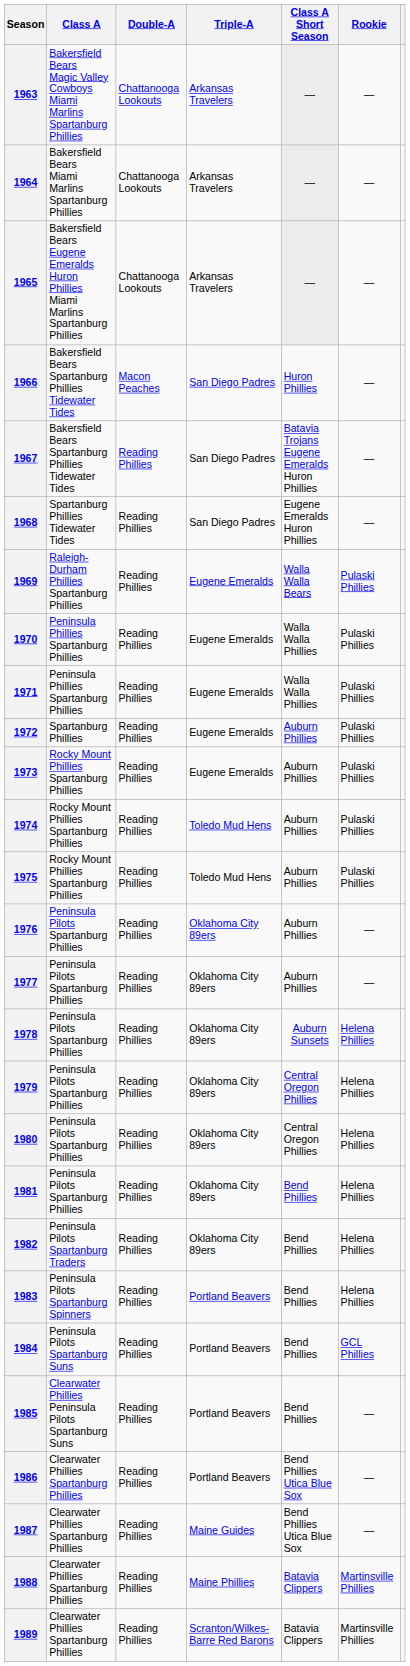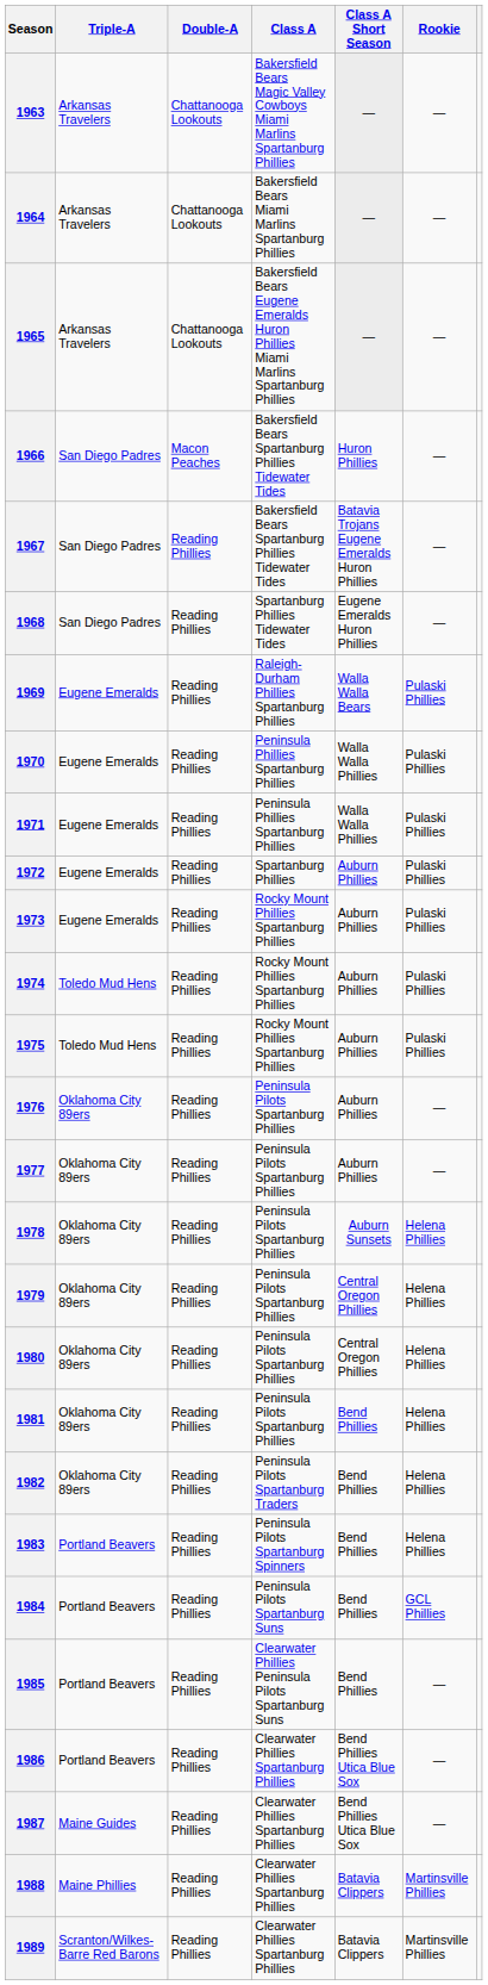 <table class="wikitable plainrowheaders">
 <tr>
 <th scope="col">Season</th>
+<th scope="col"><a href='#'><span>Triple-A</span></a></th>
+<th scope="col"><a href='#'><span>Double-A</span></a></th>
 <th scope="col"><a href='#'><span>Class A</span></a></th>
-<th scope="col"><a href='#'><span>Double-A</span></a></th>
-<th scope="col"><a href='#'><span>Triple-A</span></a></th>
 <th scope="col"><a href='#'><span>Class A Short Season</span></a></th>
 <th scope="col"><a href='#'><span>Rookie</span></a></th>
 <th scope="col"></th>
 </tr>
 <tr>
 <th scope="row" style="text-align:center"><a href='#'>1963</a></th>
+<td><a href='#'>Arkansas Travelers</a></td>
+<td><a href='#'>Chattanooga Lookouts</a></td>
 <td><a href='#'>Bakersfield Bears</a><br><a href='#'>Magic Valley Cowboys</a><br><a href='#'>Miami Marlins</a><br><a href='#'>Spartanburg Phillies</a></td>
-<td><a href='#'>Chattanooga Lookouts</a></td>
-<td><a href='#'>Arkansas Travelers</a></td>
 <td style="background:#ececec" align="center">—</td>
 <td align="center">—</td>
 <td align="center"></td>
 </tr>
 <tr>
 <th scope="row" style="text-align:center"><a href='#'>1964</a></th>
+<td>Arkansas Travelers</td>
+<td>Chattanooga Lookouts</td>
 <td>Bakersfield Bears<br>Miami Marlins<br>Spartanburg Phillies</td>
-<td>Chattanooga Lookouts</td>
-<td>Arkansas Travelers</td>
 <td style="background:#ececec" align="center">—</td>
 <td align="center">—</td>
 <td align="center"></td>
 </tr>
 <tr>
 <th scope="row" style="text-align:center"><a href='#'>1965</a></th>
+<td>Arkansas Travelers</td>
+<td>Chattanooga Lookouts</td>
 <td>Bakersfield Bears<br><a href='#'>Eugene Emeralds</a><br><a href='#'>Huron Phillies</a><br>Miami Marlins<br>Spartanburg Phillies</td>
-<td>Chattanooga Lookouts</td>
-<td>Arkansas Travelers</td>
 <td style="background:#ececec" align="center">—</td>
 <td align="center">—</td>
 <td align="center"></td>
 </tr>
 <tr>
 <th scope="row" style="text-align:center"><a href='#'>1966</a></th>
+<td><a href='#'>San Diego Padres</a></td>
+<td><a href='#'>Macon Peaches</a></td>
 <td>Bakersfield Bears<br>Spartanburg Phillies<br><a href='#'>Tidewater Tides</a></td>
-<td><a href='#'>Macon Peaches</a></td>
-<td><a href='#'>San Diego Padres</a></td>
 <td><a href='#'>Huron Phillies</a></td>
 <td align="center">—</td>
 <td align="center"></td>
 </tr>
 <tr>
 <th scope="row" style="text-align:center"><a href='#'>1967</a></th>
+<td>San Diego Padres</td>
+<td><a href='#'>Reading Phillies</a></td>
 <td>Bakersfield Bears<br>Spartanburg Phillies<br>Tidewater Tides</td>
-<td><a href='#'>Reading Phillies</a></td>
-<td>San Diego Padres</td>
 <td><a href='#'>Batavia Trojans</a><br><a href='#'>Eugene Emeralds</a><br>Huron Phillies</td>
 <td align="center">—</td>
 <td align="center"></td>
 </tr>
 <tr>
 <th scope="row" style="text-align:center"><a href='#'>1968</a></th>
+<td>San Diego Padres</td>
+<td>Reading Phillies</td>
 <td>Spartanburg Phillies<br>Tidewater Tides</td>
-<td>Reading Phillies</td>
-<td>San Diego Padres</td>
 <td>Eugene Emeralds<br>Huron Phillies</td>
 <td align="center">—</td>
 <td align="center"></td>
 </tr>
 <tr>
 <th scope="row" style="text-align:center"><a href='#'>1969</a></th>
+<td><a href='#'>Eugene Emeralds</a></td>
+<td>Reading Phillies</td>
 <td><a href='#'>Raleigh-Durham Phillies</a><br>Spartanburg Phillies</td>
-<td>Reading Phillies</td>
-<td><a href='#'>Eugene Emeralds</a></td>
 <td><a href='#'>Walla Walla Bears</a></td>
 <td><a href='#'>Pulaski Phillies</a></td>
 <td align="center"></td>
 </tr>
 <tr>
 <th scope="row" style="text-align:center"><a href='#'>1970</a></th>
+<td>Eugene Emeralds</td>
+<td>Reading Phillies</td>
 <td><a href='#'>Peninsula Phillies</a><br>Spartanburg Phillies</td>
-<td>Reading Phillies</td>
-<td>Eugene Emeralds</td>
 <td>Walla Walla Phillies</td>
 <td>Pulaski Phillies</td>
 <td align="center"></td>
 </tr>
 <tr>
 <th scope="row" style="text-align:center"><a href='#'>1971</a></th>
+<td>Eugene Emeralds</td>
+<td>Reading Phillies</td>
 <td>Peninsula Phillies<br>Spartanburg Phillies</td>
-<td>Reading Phillies</td>
-<td>Eugene Emeralds</td>
 <td>Walla Walla Phillies</td>
 <td>Pulaski Phillies</td>
 <td align="center"></td>
 </tr>
 <tr>
 <th scope="row" style="text-align:center"><a href='#'>1972</a></th>
+<td>Eugene Emeralds</td>
+<td>Reading Phillies</td>
 <td>Spartanburg Phillies</td>
-<td>Reading Phillies</td>
-<td>Eugene Emeralds</td>
 <td><a href='#'>Auburn Phillies</a></td>
 <td>Pulaski Phillies</td>
 <td align="center"></td>
 </tr>
 <tr>
 <th scope="row" style="text-align:center"><a href='#'>1973</a></th>
+<td>Eugene Emeralds</td>
+<td>Reading Phillies</td>
 <td><a href='#'>Rocky Mount Phillies</a><br>Spartanburg Phillies</td>
-<td>Reading Phillies</td>
-<td>Eugene Emeralds</td>
 <td>Auburn Phillies</td>
 <td>Pulaski Phillies</td>
 <td align="center"></td>
 </tr>
 <tr>
 <th scope="row" style="text-align:center"><a href='#'>1974</a></th>
+<td><a href='#'>Toledo Mud Hens</a></td>
+<td>Reading Phillies</td>
 <td>Rocky Mount Phillies<br>Spartanburg Phillies</td>
-<td>Reading Phillies</td>
-<td><a href='#'>Toledo Mud Hens</a></td>
 <td>Auburn Phillies</td>
 <td>Pulaski Phillies</td>
 <td align="center"></td>
 </tr>
 <tr>
 <th scope="row" style="text-align:center"><a href='#'>1975</a></th>
+<td>Toledo Mud Hens</td>
+<td>Reading Phillies</td>
 <td>Rocky Mount Phillies<br>Spartanburg Phillies</td>
-<td>Reading Phillies</td>
-<td>Toledo Mud Hens</td>
 <td>Auburn Phillies</td>
 <td>Pulaski Phillies</td>
 <td align="center"></td>
 </tr>
 <tr>
 <th scope="row" style="text-align:center"><a href='#'>1976</a></th>
+<td><a href='#'>Oklahoma City 89ers</a></td>
+<td>Reading Phillies</td>
 <td><a href='#'>Peninsula Pilots</a><br>Spartanburg Phillies</td>
-<td>Reading Phillies</td>
-<td><a href='#'>Oklahoma City 89ers</a></td>
 <td>Auburn Phillies</td>
 <td align="center">—</td>
 <td align="center"></td>
 </tr>
 <tr>
 <th scope="row" style="text-align:center"><a href='#'>1977</a></th>
+<td>Oklahoma City 89ers</td>
+<td>Reading Phillies</td>
 <td>Peninsula Pilots<br>Spartanburg Phillies</td>
-<td>Reading Phillies</td>
-<td>Oklahoma City 89ers</td>
 <td>Auburn Phillies</td>
 <td align="center">—</td>
 <td align="center"></td>
 </tr>
 <tr>
 <th scope="row" style="text-align:center"><a href='#'>1978</a></th>
+<td>Oklahoma City 89ers</td>
+<td>Reading Phillies</td>
 <td>Peninsula Pilots<br>Spartanburg Phillies</td>
-<td>Reading Phillies</td>
-<td>Oklahoma City 89ers</td>
 <td align="center"><a href='#'>Auburn Sunsets</a></td>
 <td><a href='#'>Helena Phillies</a></td>
 <td align="center"></td>
 </tr>
 <tr>
 <th scope="row" style="text-align:center"><a href='#'>1979</a></th>
+<td>Oklahoma City 89ers</td>
+<td>Reading Phillies</td>
 <td>Peninsula Pilots<br>Spartanburg Phillies</td>
-<td>Reading Phillies</td>
-<td>Oklahoma City 89ers</td>
 <td><a href='#'>Central Oregon Phillies</a></td>
 <td>Helena Phillies</td>
 <td align="center"></td>
 </tr>
 <tr>
 <th scope="row" style="text-align:center"><a href='#'>1980</a></th>
+<td>Oklahoma City 89ers</td>
+<td>Reading Phillies</td>
 <td>Peninsula Pilots<br>Spartanburg Phillies</td>
-<td>Reading Phillies</td>
-<td>Oklahoma City 89ers</td>
 <td>Central Oregon Phillies</td>
 <td>Helena Phillies</td>
 <td align="center"></td>
 </tr>
 <tr>
 <th scope="row" style="text-align:center"><a href='#'>1981</a></th>
+<td>Oklahoma City 89ers</td>
+<td>Reading Phillies</td>
 <td>Peninsula Pilots<br>Spartanburg Phillies</td>
-<td>Reading Phillies</td>
-<td>Oklahoma City 89ers</td>
 <td><a href='#'>Bend Phillies</a></td>
 <td>Helena Phillies</td>
 <td align="center"></td>
 </tr>
 <tr>
 <th scope="row" style="text-align:center"><a href='#'>1982</a></th>
+<td>Oklahoma City 89ers</td>
+<td>Reading Phillies</td>
 <td>Peninsula Pilots<br><a href='#'>Spartanburg Traders</a></td>
-<td>Reading Phillies</td>
-<td>Oklahoma City 89ers</td>
 <td>Bend Phillies</td>
 <td>Helena Phillies</td>
 <td align="center"></td>
 </tr>
 <tr>
 <th scope="row" style="text-align:center"><a href='#'>1983</a></th>
+<td><a href='#'>Portland Beavers</a></td>
+<td>Reading Phillies</td>
 <td>Peninsula Pilots<br><a href='#'>Spartanburg Spinners</a></td>
-<td>Reading Phillies</td>
-<td><a href='#'>Portland Beavers</a></td>
 <td>Bend Phillies</td>
 <td>Helena Phillies</td>
 <td align="center"></td>
 </tr>
 <tr>
 <th scope="row" style="text-align:center"><a href='#'>1984</a></th>
+<td>Portland Beavers</td>
+<td>Reading Phillies</td>
 <td>Peninsula Pilots<br><a href='#'>Spartanburg Suns</a></td>
-<td>Reading Phillies</td>
-<td>Portland Beavers</td>
 <td>Bend Phillies</td>
 <td><a href='#'>GCL Phillies</a></td>
 <td align="center"></td>
 </tr>
 <tr>
 <th scope="row" style="text-align:center"><a href='#'>1985</a></th>
+<td>Portland Beavers</td>
+<td>Reading Phillies</td>
 <td><a href='#'>Clearwater Phillies</a><br>Peninsula Pilots<br>Spartanburg Suns</td>
-<td>Reading Phillies</td>
-<td>Portland Beavers</td>
 <td>Bend Phillies</td>
 <td align="center">—</td>
 <td align="center"></td>
 </tr>
 <tr>
 <th scope="row" style="text-align:center"><a href='#'>1986</a></th>
+<td>Portland Beavers</td>
+<td>Reading Phillies</td>
 <td>Clearwater Phillies<br><a href='#'>Spartanburg Phillies</a></td>
-<td>Reading Phillies</td>
-<td>Portland Beavers</td>
 <td>Bend Phillies<br><a href='#'>Utica Blue Sox</a></td>
 <td align="center">—</td>
 <td align="center"></td>
 </tr>
 <tr>
 <th scope="row" style="text-align:center"><a href='#'>1987</a></th>
+<td><a href='#'>Maine Guides</a></td>
+<td>Reading Phillies</td>
 <td>Clearwater Phillies<br>Spartanburg Phillies</td>
-<td>Reading Phillies</td>
-<td><a href='#'>Maine Guides</a></td>
 <td>Bend Phillies<br>Utica Blue Sox</td>
 <td align="center">—</td>
 <td align="center"></td>
 </tr>
 <tr>
 <th scope="row" style="text-align:center"><a href='#'>1988</a></th>
+<td><a href='#'>Maine Phillies</a></td>
+<td>Reading Phillies</td>
 <td>Clearwater Phillies<br>Spartanburg Phillies</td>
-<td>Reading Phillies</td>
-<td><a href='#'>Maine Phillies</a></td>
 <td><a href='#'>Batavia Clippers</a></td>
 <td><a href='#'>Martinsville Phillies</a></td>
 <td align="center"></td>
 </tr>
 <tr>
 <th scope="row" style="text-align:center"><a href='#'>1989</a></th>
+<td><a href='#'>Scranton/Wilkes-Barre Red Barons</a></td>
+<td>Reading Phillies</td>
 <td>Clearwater Phillies<br>Spartanburg Phillies</td>
-<td>Reading Phillies</td>
-<td><a href='#'>Scranton/Wilkes-Barre Red Barons</a></td>
 <td>Batavia Clippers</td>
 <td>Martinsville Phillies</td>
 <td align="center"></td>
 </tr>
 </table>
